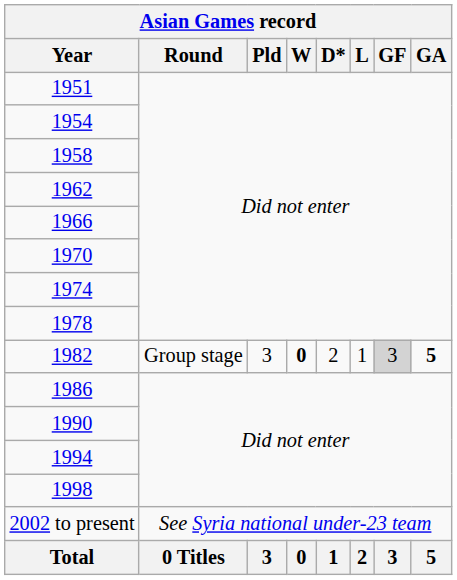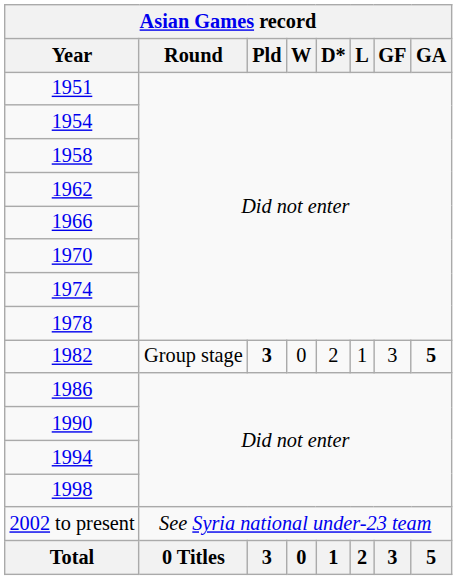 <table class="wikitable" style="text-align: center;font-size:90%;">
 <tr>
 <th colspan=9><a href='#'>Asian Games</a> record</th>
 </tr>
 <tr>
 <th>Year</th>
 <th>Round</th>
 <th>Pld</th>
 <th>W</th>
 <th>D*</th>
 <th>L</th>
 <th>GF</th>
 <th>GA</th>
 </tr>
 <tr>
 <td> <a href='#'>1951</a></td>
 <td colspan=7 rowspan=8><em>Did not enter</em></td>
 </tr>
 <tr>
 <td> <a href='#'>1954</a></td>
 </tr>
 <tr>
 <td> <a href='#'>1958</a></td>
 </tr>
 <tr>
 <td> <a href='#'>1962</a></td>
 </tr>
 <tr>
 <td> <a href='#'>1966</a></td>
 </tr>
 <tr>
 <td> <a href='#'>1970</a></td>
 </tr>
 <tr>
 <td><a href='#'>1974</a></td>
 </tr>
 <tr>
 <td> <a href='#'>1978</a></td>
 </tr>
 <tr>
 <td> <a href='#'>1982</a></td>
 <td>Group stage</td>
-<td>3</td>
-<td><strong>0</strong></td>
+<td><strong>3</strong></td>
+<td>0</td>
 <td>2</td>
 <td>1</td>
-<td style="background: lightgrey;">3</td>
+<td>3</td>
 <td><strong>5</strong></td>
 </tr>
 <tr>
 <td> <a href='#'>1986</a></td>
 <td colspan=7 rowspan=4><em>Did not enter</em></td>
 </tr>
 <tr>
 <td> <a href='#'>1990</a></td>
 </tr>
 <tr>
 <td> <a href='#'>1994</a></td>
 </tr>
 <tr>
 <td> <a href='#'>1998</a></td>
 </tr>
 <tr>
 <td> <a href='#'>2002</a> to present</td>
 <td colspan=9><em>See <a href='#'>Syria national under-23 team</a></em></td>
 </tr>
 <tr>
 <th><strong>Total</strong></th>
 <th><strong>0 Titles</strong></th>
 <th><strong>3</strong></th>
 <th><strong>0</strong></th>
 <th><strong>1</strong></th>
 <th><strong>2</strong></th>
 <th><strong>3</strong></th>
 <th><strong>5</strong></th>
 </tr>
 </table>
